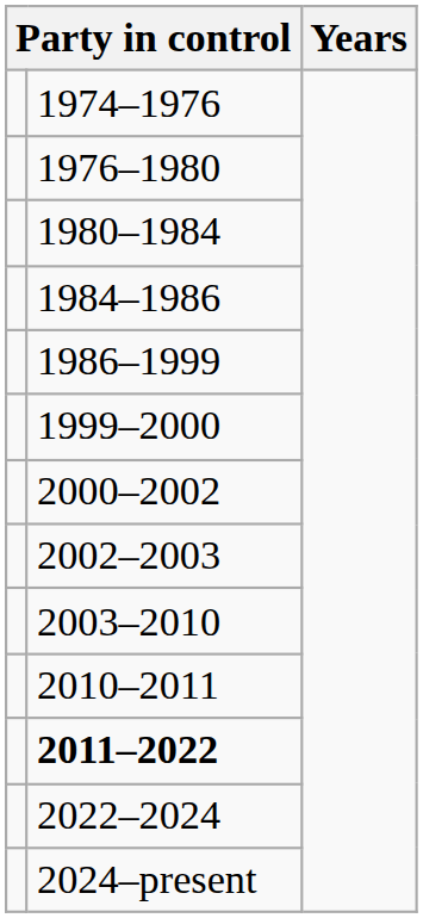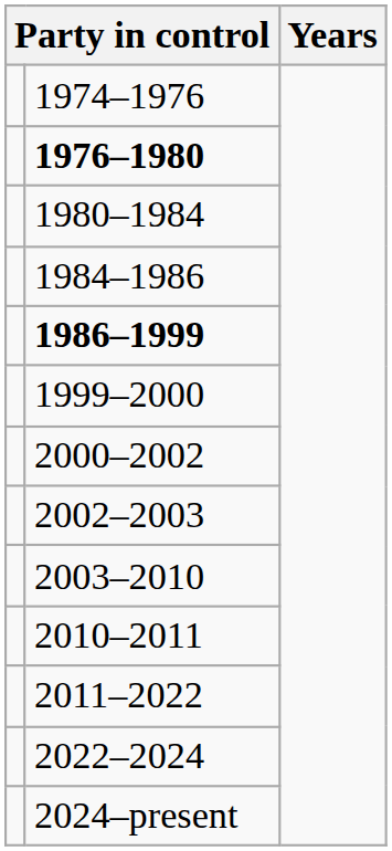 <table class="wikitable">
 <tr>
 <th colspan="2">Party in control</th>
 <th>Years</th>
 </tr>
 <tr>
 <td></td>
 <td>1974–1976</td>
 </tr>
 <tr>
 <td></td>
-<td>1976–1980</td>
+<td><strong>1976–1980</strong></td>
 </tr>
 <tr>
 <td></td>
 <td>1980–1984</td>
 </tr>
 <tr>
 <td></td>
 <td>1984–1986</td>
 </tr>
 <tr>
 <td></td>
-<td>1986–1999</td>
+<td><strong>1986–1999</strong></td>
 </tr>
 <tr>
 <td></td>
 <td>1999–2000</td>
 </tr>
 <tr>
 <td></td>
 <td>2000–2002</td>
 </tr>
 <tr>
 <td></td>
 <td>2002–2003</td>
 </tr>
 <tr>
 <td></td>
 <td>2003–2010</td>
 </tr>
 <tr>
 <td></td>
 <td>2010–2011</td>
 </tr>
 <tr>
 <td></td>
-<td><strong>2011–2022</strong></td>
+<td>2011–2022</td>
 </tr>
 <tr>
 <td></td>
 <td>2022–2024</td>
 </tr>
 <tr>
 <td></td>
 <td>2024–present</td>
 </tr>
 </table>
